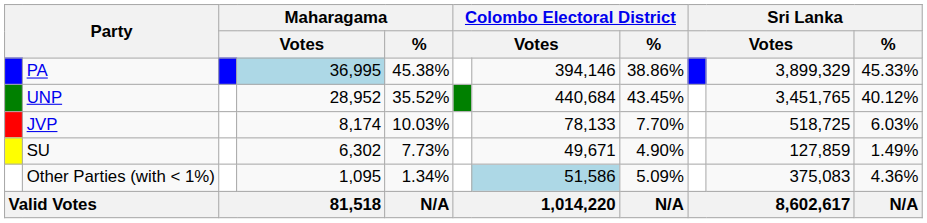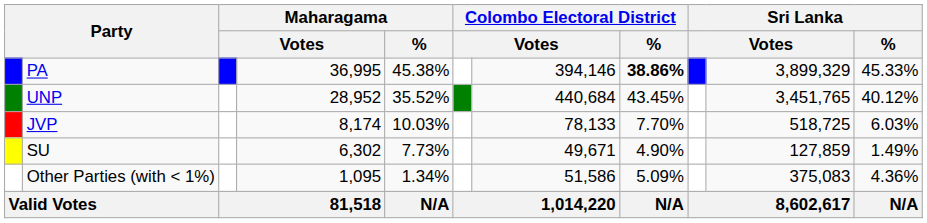 <table class="wikitable">
 <tr>
 <th colspan="2" width="144px"rowspan="2">Party</th>
 <th colspan="3" width="216px">Maharagama</th>
 <th colspan="3" width="216px"><a href='#'>Colombo Electoral District</a></th>
 <th colspan="3" width="216px">Sri Lanka</th>
 </tr>
 <tr>
 <th colspan="2" width="144px">Votes</th>
 <th>%</th>
 <th colspan="2" width="144px">Votes</th>
 <th>%</th>
 <th colspan="2" width="144px">Votes</th>
 <th>%</th>
 </tr>
 <tr>
 <td style="background-color:blue;" width="10px"></td>
 <td style="text-align:left;"><a href='#'>PA</a></td>
 <td style="background-color:blue;" width="10px"></td>
-<td style="background: lightblue; text-align:right;">36,995</td>
+<td style="text-align:right;">36,995</td>
 <td style="text-align:right;">45.38%</td>
 <td style="background-color:white;" width="10px"></td>
 <td style="text-align:right;">394,146</td>
-<td style="text-align:right;">38.86%</td>
+<td style="text-align:right;"><strong>38.86%</strong></td>
 <td style="background-color:blue;" width="10px"></td>
 <td style="text-align:right;">3,899,329</td>
 <td style="text-align:right;">45.33%</td>
 </tr>
 <tr>
 <td style="background-color:green;" width="10px"></td>
 <td style="text-align:left;"><a href='#'>UNP</a></td>
 <td style="background-color:white;" width="10px"></td>
 <td style="text-align:right;">28,952</td>
 <td style="text-align:right;">35.52%</td>
 <td style="background-color:green;" width="10px"></td>
 <td style="text-align:right;">440,684</td>
 <td style="text-align:right;">43.45%</td>
 <td style="background-color:white;" width="10px"></td>
 <td style="text-align:right;">3,451,765</td>
 <td style="text-align:right;">40.12%</td>
 </tr>
 <tr>
 <td style="background-color:red;" width="10px"></td>
 <td style="text-align:left;"><a href='#'>JVP</a></td>
 <td style="background-color:white;" width="10px"></td>
 <td style="text-align:right;">8,174</td>
 <td style="text-align:right;">10.03%</td>
 <td style="background-color:white;" width="10px"></td>
 <td style="text-align:right;">78,133</td>
 <td style="text-align:right;">7.70%</td>
 <td style="background-color:white;" width="10px"></td>
 <td style="text-align:right;">518,725</td>
 <td style="text-align:right;">6.03%</td>
 </tr>
 <tr>
 <td style="background-color:yellow;" width="10px"></td>
 <td style="text-align:left;">SU</td>
 <td style="background-color:white;" width="10px"></td>
 <td style="text-align:right;">6,302</td>
 <td style="text-align:right;">7.73%</td>
 <td style="background-color:white;" width="10px"></td>
 <td style="text-align:right;">49,671</td>
 <td style="text-align:right;">4.90%</td>
 <td style="background-color:white;" width="10px"></td>
 <td style="text-align:right;">127,859</td>
 <td style="text-align:right;">1.49%</td>
 </tr>
 <tr>
 <td style="background-color:white;" width="10px"></td>
 <td style="text-align:left;">Other Parties (with < 1%)</td>
 <td style="background-color:white;" width="10px"></td>
 <td style="text-align:right;">1,095</td>
 <td style="text-align:right;">1.34%</td>
 <td style="background-color:white;" width="10px"></td>
-<td style="background: lightblue; text-align:right;">51,586</td>
+<td style="text-align:right;">51,586</td>
 <td style="text-align:right;">5.09%</td>
 <td style="background-color:white;" width="10px"></td>
 <td style="text-align:right;">375,083</td>
 <td style="text-align:right;">4.36%</td>
 </tr>
 <tr>
 <th colspan="2" width="144px"style="text-align:left;">Valid Votes</th>
 <th style="text-align:right;"colspan="2" width="144px">81,518</th>
 <th style="text-align:right;">N/A</th>
 <th style="text-align:right;"colspan="2" width="144px">1,014,220</th>
 <th style="text-align:right;">N/A</th>
 <th style="text-align:right;"colspan="2" width="144px">8,602,617</th>
 <th style="text-align:right;">N/A</th>
 </tr>
 </table>
